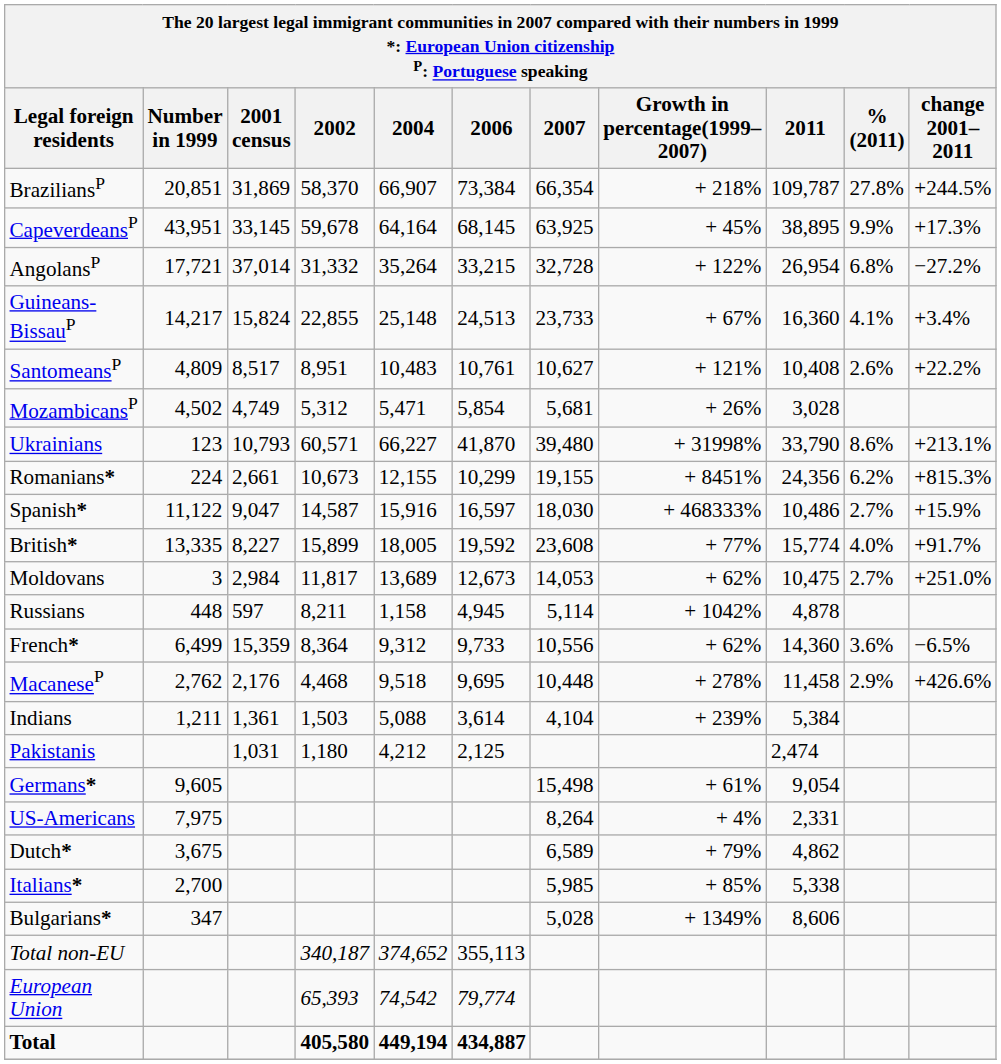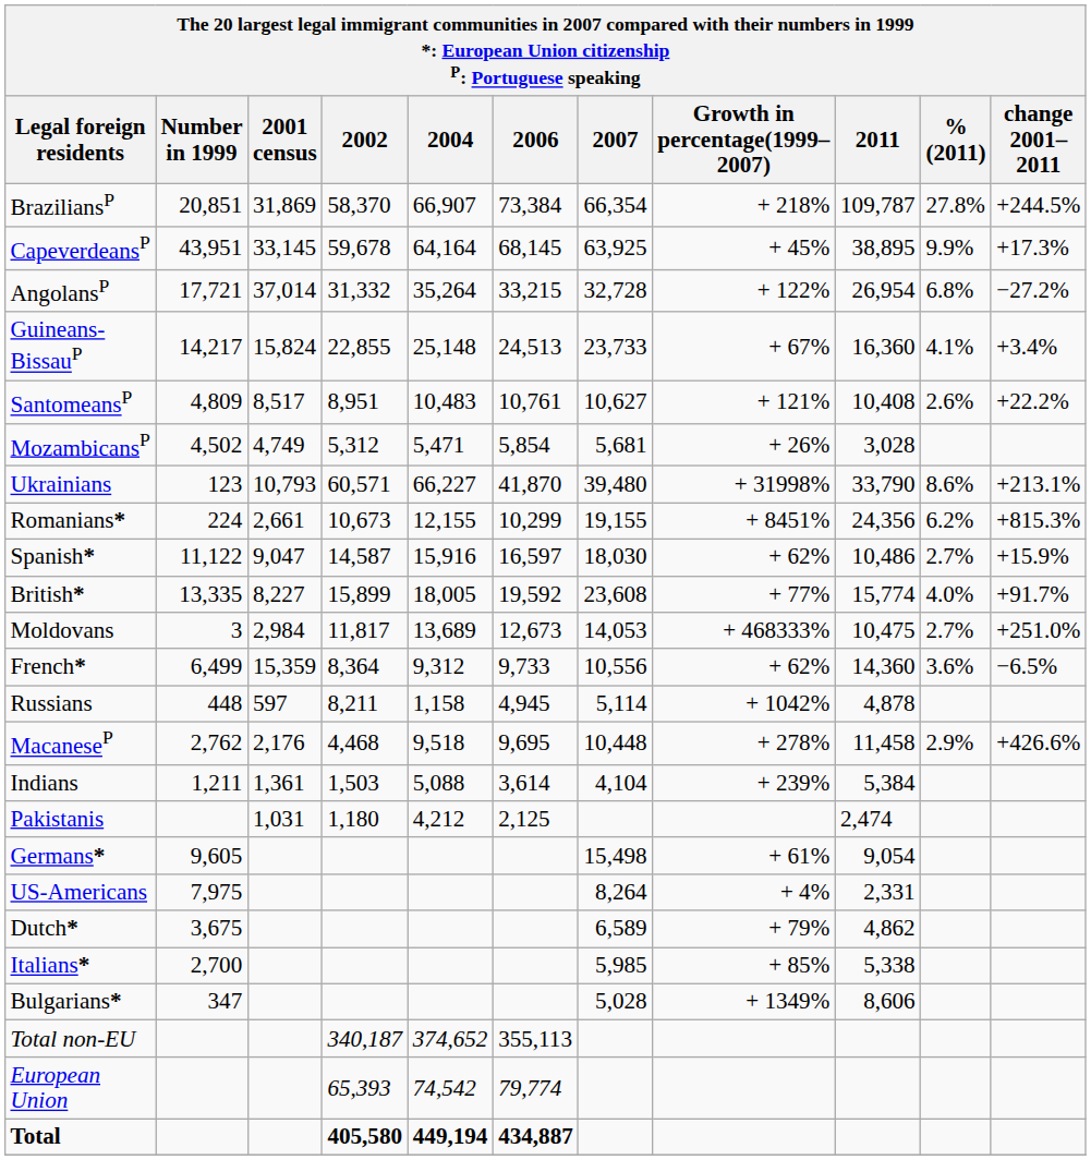 <table class="wikitable sortable mw-collapsible mw-collapsed" align="center">
 <tr>
 <th colspan="11"><strong><small>The 20 largest legal immigrant communities in 2007 compared with their numbers in 1999</small></strong><small><br><strong>*</strong>: <a href='#'>European Union citizenship</a><br><strong><sup>P</sup></strong>: <a href='#'>Portuguese</a> speaking</small></th>
 </tr>
 <tr>
 <th><strong>Legal foreign residents</strong></th>
 <th><strong>Number in 1999</strong></th>
 <th><strong>2001</strong><br><strong>census</strong> <strong></strong></th>
 <th><strong>2002</strong></th>
 <th><strong>2004</strong></th>
 <th><strong>2006</strong></th>
 <th><strong>2007</strong></th>
 <th><strong>Growth in percentage</strong>(1999–2007)</th>
 <th><strong>2011</strong></th>
 <th><strong>% (2011)</strong></th>
 <th><strong>change</strong><br><strong>2001–2011</strong></th>
 </tr>
 <tr>
 <td>Brazilians<sup>P</sup></td>
 <td align="right">20,851</td>
 <td>31,869</td>
 <td>58,370</td>
 <td>66,907</td>
 <td>73,384</td>
 <td align="right">66,354</td>
 <td align="right">+ 218%</td>
 <td align="right">109,787</td>
 <td>27.8%</td>
 <td>+244.5%</td>
 </tr>
 <tr>
 <td><a href='#'>Capeverdeans</a><sup>P</sup></td>
 <td align="right">43,951</td>
 <td>33,145</td>
 <td>59,678</td>
 <td>64,164</td>
 <td>68,145</td>
 <td align="right">63,925</td>
 <td align="right">+ 45%</td>
 <td align="right">38,895</td>
 <td>9.9%</td>
 <td>+17.3%</td>
 </tr>
 <tr>
 <td>Angolans<sup>P</sup></td>
 <td align="right">17,721</td>
 <td>37,014</td>
 <td>31,332</td>
 <td>35,264</td>
 <td>33,215</td>
 <td align="right">32,728</td>
 <td align="right">+ 122%</td>
 <td align="right">26,954</td>
 <td>6.8%</td>
 <td>−27.2%</td>
 </tr>
 <tr>
 <td><a href='#'>Guineans-Bissau</a><sup>P</sup></td>
 <td align="right">14,217</td>
 <td>15,824</td>
 <td>22,855</td>
 <td>25,148</td>
 <td>24,513</td>
 <td align="right">23,733</td>
 <td align="right">+ 67%</td>
 <td align="right">16,360</td>
 <td>4.1%</td>
 <td>+3.4%</td>
 </tr>
 <tr>
 <td><a href='#'>Santomeans</a><sup>P</sup></td>
 <td align="right">4,809</td>
 <td>8,517</td>
 <td>8,951</td>
 <td>10,483</td>
 <td>10,761</td>
 <td align="right">10,627</td>
 <td align="right">+ 121%</td>
 <td align="right">10,408</td>
 <td>2.6%</td>
 <td>+22.2%</td>
 </tr>
 <tr>
 <td><a href='#'>Mozambicans</a><sup>P</sup></td>
 <td align="right">4,502</td>
 <td>4,749</td>
 <td>5,312</td>
 <td>5,471</td>
 <td>5,854</td>
 <td align="right">5,681</td>
 <td align="right">+ 26%</td>
 <td align="right">3,028</td>
 <td></td>
 <td></td>
 </tr>
 <tr>
 <td><a href='#'>Ukrainians</a></td>
 <td align="right">123</td>
 <td>10,793</td>
 <td>60,571</td>
 <td>66,227</td>
 <td>41,870</td>
 <td align="right">39,480</td>
 <td align="right">+ 31998%</td>
 <td align="right">33,790</td>
 <td>8.6%</td>
 <td>+213.1%</td>
 </tr>
 <tr>
 <td>Romanians<strong>*</strong></td>
 <td align="right">224</td>
 <td>2,661</td>
 <td>10,673</td>
 <td>12,155</td>
 <td>10,299</td>
 <td align="right">19,155</td>
 <td align="right">+ 8451%</td>
 <td align="right">24,356</td>
 <td>6.2%</td>
 <td>+815.3%</td>
 </tr>
 <tr>
 <td>Spanish<strong>*</strong></td>
 <td align="right">11,122</td>
 <td>9,047</td>
 <td>14,587</td>
 <td>15,916</td>
 <td>16,597</td>
 <td align="right">18,030</td>
-<td align="right">+ 468333%</td>
+<td align="right">+ 62%</td>
 <td align="right">10,486</td>
 <td>2.7%</td>
 <td>+15.9%</td>
 </tr>
 <tr>
 <td>British<strong>*</strong></td>
 <td align="right">13,335</td>
 <td>8,227</td>
 <td>15,899</td>
 <td>18,005</td>
 <td>19,592</td>
 <td align="right">23,608</td>
 <td align="right">+ 77%</td>
 <td align="right">15,774</td>
 <td>4.0%</td>
 <td>+91.7%</td>
 </tr>
 <tr>
 <td>Moldovans</td>
 <td align="right">3</td>
 <td>2,984</td>
 <td>11,817</td>
 <td>13,689</td>
 <td>12,673</td>
 <td align="right">14,053</td>
-<td align="right">+ 62%</td>
+<td align="right">+ 468333%</td>
 <td align="right">10,475</td>
 <td>2.7%</td>
 <td>+251.0%</td>
+</tr>
+<tr>
+<td>French<strong>*</strong></td>
+<td align="right">6,499</td>
+<td>15,359</td>
+<td>8,364</td>
+<td>9,312</td>
+<td>9,733</td>
+<td align="right">10,556</td>
+<td align="right">+ 62%</td>
+<td align="right">14,360</td>
+<td>3.6%</td>
+<td>−6.5%</td>
 </tr>
 <tr>
 <td>Russians</td>
 <td align="right">448</td>
 <td>597</td>
 <td>8,211</td>
 <td>1,158</td>
 <td>4,945</td>
 <td align="right">5,114</td>
 <td align="right">+ 1042%</td>
 <td align="right">4,878</td>
 <td></td>
 <td></td>
-</tr>
-<tr>
-<td>French<strong>*</strong></td>
-<td align="right">6,499</td>
-<td>15,359</td>
-<td>8,364</td>
-<td>9,312</td>
-<td>9,733</td>
-<td align="right">10,556</td>
-<td align="right">+ 62%</td>
-<td align="right">14,360</td>
-<td>3.6%</td>
-<td>−6.5%</td>
 </tr>
 <tr>
 <td><a href='#'>Macanese</a><sup>P</sup></td>
 <td align="right">2,762</td>
 <td>2,176</td>
 <td>4,468</td>
 <td>9,518</td>
 <td>9,695</td>
 <td align="right">10,448</td>
 <td align="right">+ 278%</td>
 <td align="right">11,458</td>
 <td>2.9%</td>
 <td>+426.6%</td>
 </tr>
 <tr>
 <td>Indians</td>
 <td align="right">1,211</td>
 <td>1,361</td>
 <td>1,503</td>
 <td>5,088</td>
 <td>3,614</td>
 <td align="right">4,104</td>
 <td align="right">+ 239%</td>
 <td align="right">5,384</td>
 <td></td>
 <td></td>
 </tr>
 <tr>
 <td><a href='#'>Pakistanis</a></td>
 <td></td>
 <td>1,031</td>
 <td>1,180</td>
 <td>4,212</td>
 <td>2,125</td>
 <td></td>
 <td></td>
 <td>2,474</td>
 <td></td>
 <td></td>
 </tr>
 <tr>
 <td><a href='#'>Germans</a><strong>*</strong></td>
 <td align="right">9,605</td>
 <td></td>
 <td></td>
 <td></td>
 <td></td>
 <td align="right">15,498</td>
 <td align="right">+ 61%</td>
 <td align="right">9,054</td>
 <td></td>
 <td></td>
 </tr>
 <tr>
 <td><a href='#'>US-Americans</a></td>
 <td align="right">7,975</td>
 <td></td>
 <td></td>
 <td></td>
 <td></td>
 <td align="right">8,264</td>
 <td align="right">+ 4%</td>
 <td align="right">2,331</td>
 <td></td>
 <td></td>
 </tr>
 <tr>
 <td>Dutch<strong>*</strong></td>
 <td align="right">3,675</td>
 <td></td>
 <td></td>
 <td></td>
 <td></td>
 <td align="right">6,589</td>
 <td align="right">+ 79%</td>
 <td align="right">4,862</td>
 <td></td>
 <td></td>
 </tr>
 <tr>
 <td><a href='#'>Italians</a><strong>*</strong></td>
 <td align="right">2,700</td>
 <td></td>
 <td></td>
 <td></td>
 <td></td>
 <td align="right">5,985</td>
 <td align="right">+ 85%</td>
 <td align="right">5,338</td>
 <td></td>
 <td></td>
 </tr>
 <tr>
 <td>Bulgarians<strong>*</strong></td>
 <td align="right">347</td>
 <td></td>
 <td></td>
 <td></td>
 <td></td>
 <td align="right">5,028</td>
 <td align="right">+ 1349%</td>
 <td align="right">8,606</td>
 <td></td>
 <td></td>
 </tr>
 <tr>
 <td><em>Total non-EU</em></td>
 <td></td>
 <td></td>
 <td><em>340,187</em></td>
 <td><em>374,652</em></td>
 <td>355,113</td>
 <td></td>
 <td></td>
 <td></td>
 <td></td>
 <td></td>
 </tr>
 <tr>
 <td><em><a href='#'>European Union</a></em></td>
 <td></td>
 <td></td>
 <td><em>65,393</em></td>
 <td><em>74,542</em></td>
 <td><em>79,774</em></td>
 <td></td>
 <td></td>
 <td></td>
 <td></td>
 <td></td>
 </tr>
 <tr>
 <td><strong>Total</strong></td>
 <td></td>
 <td></td>
 <td><strong>405,580</strong></td>
 <td><strong>449,194</strong></td>
 <td><strong>434,887</strong></td>
 <td></td>
 <td></td>
 <td></td>
 <td></td>
 <td></td>
 </tr>
 <tr>
 </tr>
 </table>
